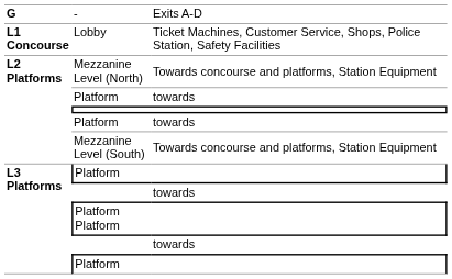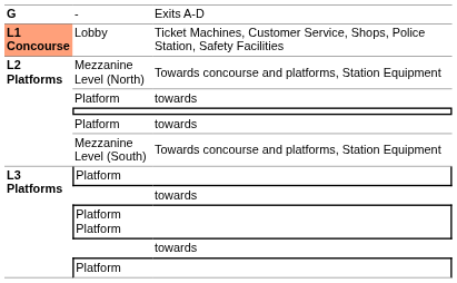 <table border=0 cellspacing=0 cellpadding=3>
 <tr>
 <td style="border-top:solid 1px gray;" width=50 valign=top><strong>G</strong></td>
 <td style="border-top:solid 1px gray;" width=100 valign=top>-</td>
 <td style="border-top:solid 1px gray;" width=390 valign=top>Exits A-D</td>
 </tr>
 <tr>
-<td style="border-bottom:solid 1px gray; border-top:solid 1px gray;" valign=top><strong>L1<br>Concourse</strong></td>
+<td style="background: lightsalmon; border-bottom:solid 1px gray; border-top:solid 1px gray;" valign=top><strong>L1<br>Concourse</strong></td>
 <td style="border-bottom:solid 1px gray; border-top:solid 1px gray;" valign=top>Lobby</td>
 <td style="border-bottom:solid 1px gray; border-top:solid 1px gray;" valign=top>Ticket Machines, Customer Service, Shops, Police Station, Safety Facilities</td>
 </tr>
 <tr>
 <td style="border-bottom:solid 1px gray;" rowspan=5 valign=top><strong>L2<br>Platforms</strong></td>
 <td style="border-bottom:solid 1px gray;">Mezzanine Level (North)</td>
 <td style="border-bottom:solid 1px gray;">Towards concourse and  platforms, Station Equipment</td>
 </tr>
 <tr>
 <td>Platform </td>
 <td>  towards  </td>
 </tr>
 <tr>
 <td style="border-right:solid 2px black;border-left:solid 2px black;border-top:solid 2px black;border-bottom:solid 2px black;text-align:center;" colspan=2></td>
 </tr>
 <tr>
 <td style="border-bottom:solid 1px gray;">Platform </td>
 <td style="border-bottom:solid 1px gray;"> towards   </td>
 </tr>
 <tr>
 <td style="border-bottom:solid 1px gray;">Mezzanine Level (South)</td>
 <td style="border-bottom:solid 1px gray;">Towards concourse and  platforms, Station Equipment</td>
 </tr>
 <tr>
 <td style="border-bottom:solid 1px gray;" rowspan=6 valign=top><strong>L3<br>Platforms</strong></td>
 </tr>
 <tr>
 <td style="border-left:solid 2px black;border-bottom:solid 2px black;text-align:left;">Platform </td>
 <td style="border-right:solid 2px black;border-bottom:solid 2px black;text-align:center;" colspan=2></td>
 </tr>
 <tr>
 <td></td>
 <td>  towards  </td>
 </tr>
 <tr>
 <td style="border-left:solid 2px black;border-top:solid 2px black;border-bottom:solid 2px black;text-align:left;">Platform <br>Platform </td>
 <td style="border-right:solid 2px black;border-top:solid 2px black;border-bottom:solid 2px black;text-align:center;" colspan=2></td>
 </tr>
 <tr>
 <td></td>
 <td> towards   </td>
 </tr>
 <tr>
 <td style="border-left:solid 2px black;border-top:solid 2px black;border-bottom:solid 1px gray;text-align:left;">Platform </td>
 <td style="border-top:solid 2px black;border-right:solid 2px black;border-bottom:solid 1px gray;text-align:center;" colspan=2></td>
 </tr>
 </table>
